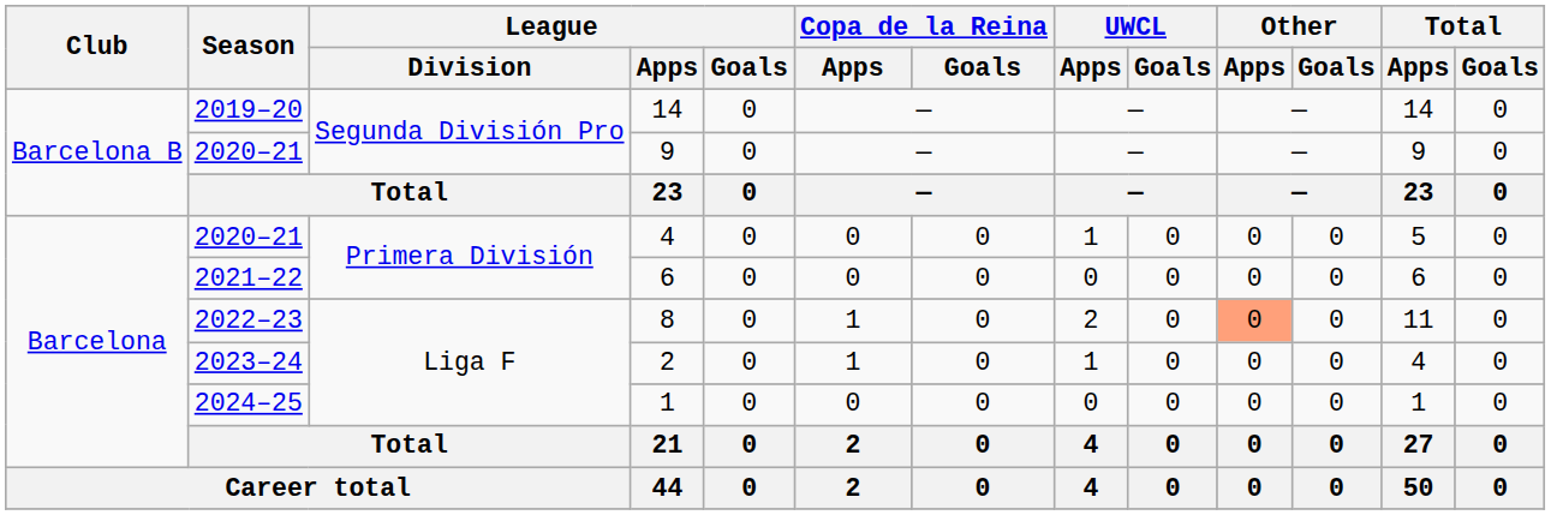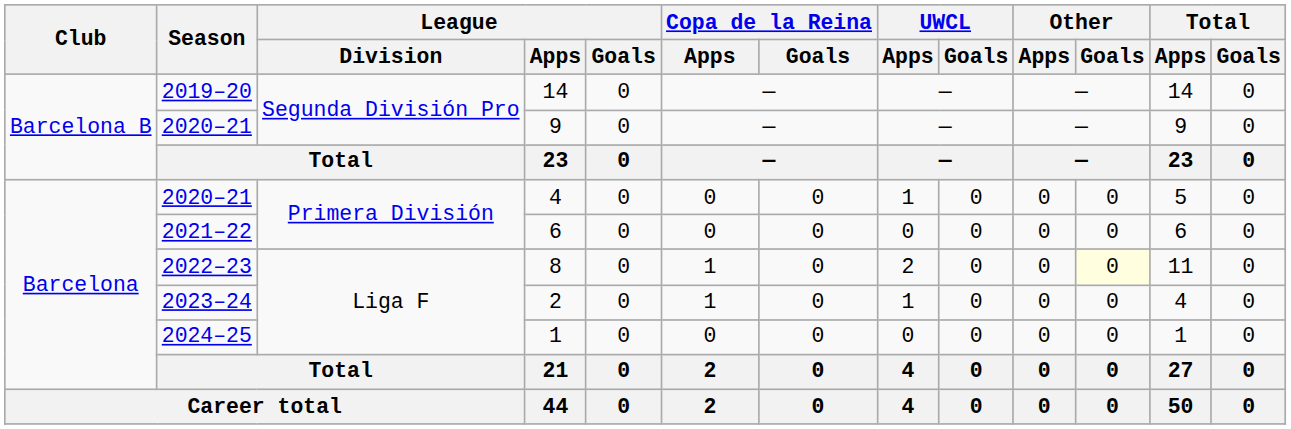 <table class="wikitable" style="text-align: center;">
 <tr>
 <th rowspan="2">Club</th>
 <th rowspan="2">Season</th>
 <th colspan="3">League</th>
 <th colspan="2"><a href='#'>Copa de la Reina</a></th>
 <th colspan="2"><a href='#'>UWCL</a></th>
 <th colspan="2">Other</th>
 <th colspan="2">Total</th>
 </tr>
 <tr>
 <th>Division</th>
 <th>Apps</th>
 <th>Goals</th>
 <th>Apps</th>
 <th>Goals</th>
 <th>Apps</th>
 <th>Goals</th>
 <th>Apps</th>
 <th>Goals</th>
 <th>Apps</th>
 <th>Goals</th>
 </tr>
 <tr>
 <td rowspan="3"><a href='#'>Barcelona B</a></td>
 <td><a href='#'>2019–20</a></td>
 <td rowspan="2"><a href='#'>Segunda División Pro</a></td>
 <td>14</td>
 <td>0</td>
 <td colspan="2">—</td>
 <td colspan="2">—</td>
 <td colspan="2">—</td>
 <td>14</td>
 <td>0</td>
 </tr>
 <tr>
 <td><a href='#'>2020–21</a></td>
 <td>9</td>
 <td>0</td>
 <td colspan="2">—</td>
 <td colspan="2">—</td>
 <td colspan="2">—</td>
 <td>9</td>
 <td>0</td>
 </tr>
 <tr>
 <th colspan="2">Total</th>
 <th>23</th>
 <th>0</th>
 <th colspan="2">—</th>
 <th colspan="2">—</th>
 <th colspan="2">—</th>
 <th>23</th>
 <th>0</th>
 </tr>
 <tr>
 <td rowspan="6"><a href='#'>Barcelona</a></td>
 <td><a href='#'>2020–21</a></td>
 <td rowspan="2"><a href='#'>Primera División</a></td>
 <td>4</td>
 <td>0</td>
 <td>0</td>
 <td>0</td>
 <td>1</td>
 <td>0</td>
 <td>0</td>
 <td>0</td>
 <td>5</td>
 <td>0</td>
 </tr>
 <tr>
 <td><a href='#'>2021–22</a></td>
 <td>6</td>
 <td>0</td>
 <td>0</td>
 <td>0</td>
 <td>0</td>
 <td>0</td>
 <td>0</td>
 <td>0</td>
 <td>6</td>
 <td>0</td>
 </tr>
 <tr>
 <td><a href='#'>2022–23</a></td>
 <td rowspan="3">Liga F</td>
 <td>8</td>
 <td>0</td>
 <td>1</td>
 <td>0</td>
 <td>2</td>
 <td>0</td>
-<td style="background: lightsalmon;">0</td>
 <td>0</td>
+<td style="background: lightyellow;">0</td>
 <td>11</td>
 <td>0</td>
 </tr>
 <tr>
 <td><a href='#'>2023–24</a></td>
 <td>2</td>
 <td>0</td>
 <td>1</td>
 <td>0</td>
 <td>1</td>
 <td>0</td>
 <td>0</td>
 <td>0</td>
 <td>4</td>
 <td>0</td>
 </tr>
 <tr>
 <td><a href='#'>2024–25</a></td>
 <td>1</td>
 <td>0</td>
 <td>0</td>
 <td>0</td>
 <td>0</td>
 <td>0</td>
 <td>0</td>
 <td>0</td>
 <td>1</td>
 <td>0</td>
 </tr>
 <tr>
 <th colspan="2">Total</th>
 <th>21</th>
 <th>0</th>
 <th>2</th>
 <th>0</th>
 <th>4</th>
 <th>0</th>
 <th>0</th>
 <th>0</th>
 <th>27</th>
 <th>0</th>
 </tr>
 <tr>
 <th colspan="3">Career total</th>
 <th>44</th>
 <th>0</th>
 <th>2</th>
 <th>0</th>
 <th>4</th>
 <th>0</th>
 <th>0</th>
 <th>0</th>
 <th>50</th>
 <th>0</th>
 </tr>
 </table>
